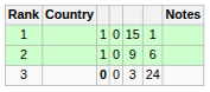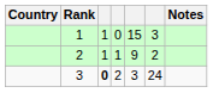 <table class="wikitable sortable" style="text-align: center;">
 <tr>
+<th>Country</th>
 <th>Rank</th>
-<th>Country</th>
 <th></th>
 <th></th>
 <th></th>
 <th></th>
 <th>Notes</th>
 </tr>
 <tr style="background:#cfc;">
+<td align=left></td>
 <td>1</td>
-<td align=left></td>
 <td>1</td>
 <td>0</td>
 <td>15</td>
-<td>1</td>
+<td>3</td>
 <td></td>
 </tr>
 <tr style="background:#cfc;">
+<td align=left></td>
 <td>2</td>
-<td align=left></td>
 <td>1</td>
-<td>0</td>
+<td>1</td>
 <td>9</td>
-<td>6</td>
+<td>2</td>
 <td></td>
 </tr>
 <tr>
+<td align=left></td>
 <td>3</td>
-<td align=left></td>
 <td><strong>0</strong></td>
-<td>0</td>
+<td>2</td>
 <td>3</td>
 <td>24</td>
 <td></td>
 </tr>
 </table>
